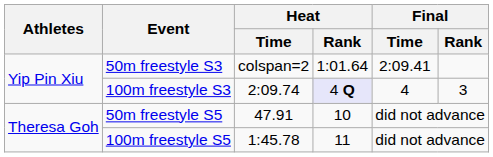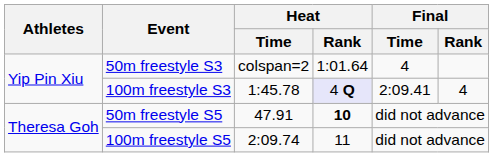 <table class=wikitable>
 <tr>
 <th rowspan="2">Athletes</th>
 <th rowspan="2">Event</th>
 <th colspan="2">Heat</th>
 <th colspan="2">Final</th>
 </tr>
 <tr>
 <th>Time</th>
 <th>Rank</th>
 <th>Time</th>
 <th>Rank</th>
 </tr>
 <tr align=center>
 <td align=left rowspan=2><a href='#'>Yip Pin Xiu</a></td>
 <td align=left><a href='#'>50m freestyle S3</a></td>
 <td>colspan=2 </td>
 <td>1:01.64</td>
-<td>2:09.41</td>
+<td>4</td>
 </tr>
 <tr align=center>
 <td align=left><a href='#'>100m freestyle S3</a></td>
-<td>2:09.74</td>
+<td>1:45.78</td>
 <td style="background: lavender;">4 <strong>Q</strong></td>
+<td>2:09.41</td>
 <td>4</td>
-<td>3</td>
 </tr>
 <tr align=center>
 <td align=left rowspan=2><a href='#'>Theresa Goh</a></td>
 <td align=left><a href='#'>50m freestyle S5</a></td>
 <td>47.91</td>
-<td>10</td>
+<td><strong>10</strong></td>
 <td colspan=2>did not advance</td>
 </tr>
 <tr align=center>
 <td align=left><a href='#'>100m freestyle S5</a></td>
-<td>1:45.78</td>
+<td>2:09.74</td>
 <td>11</td>
 <td colspan=2>did not advance</td>
 </tr>
 </table>
